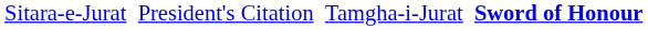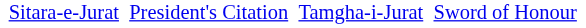 <table style="margin:1em auto; text-align:center;">
 <tr>
 <td></td>
 <td></td>
 <td></td>
 <td></td>
 <td></td>
 <td></td>
 <td></td>
 </tr>
 <tr>
 <td><a href='#'>Sitara-e-Jurat</a><br></td>
 <td></td>
 <td><a href='#'>President's Citation</a><br></td>
 <td></td>
 <td><a href='#'>Tamgha-i-Jurat</a><br></td>
 <td></td>
-<td><strong><a href='#'>Sword of Honour</a><br></strong></td>
+<td><a href='#'>Sword of Honour</a><br></td>
 </tr>
 </table>
